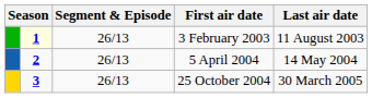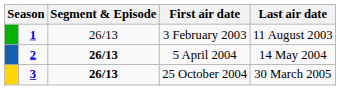 <table class="wikitable">
 <tr>
 <th colspan="2">Season</th>
 <th>Segment & Episode</th>
 <th>First air date</th>
 <th>Last air date</th>
 </tr>
 <tr>
 <td bgcolor="04B203" height="10px"></td>
-<td align="center" style="background: lightyellow;"><strong><a href='#'>1</a></strong></td>
+<td align="center"><strong><a href='#'>1</a></strong></td>
 <td align="center">26/13</td>
 <td align="center">3 February 2003</td>
 <td align="center">11 August 2003</td>
 </tr>
 <tr>
 <td bgcolor="1560AE" height="10px"></td>
 <td align="center"><strong><a href='#'>2</a></strong></td>
-<td align="center">26/13</td>
+<td align="center"><strong>26/13</strong></td>
 <td align="center">5 April 2004</td>
 <td align="center">14 May 2004</td>
 </tr>
 <tr>
 <td bgcolor="FFD700" height="10px"></td>
 <td align="center"><strong><a href='#'>3</a></strong></td>
-<td align="center">26/13</td>
+<td align="center"><strong>26/13</strong></td>
 <td align="center">25 October 2004</td>
 <td align="center">30 March 2005</td>
 </tr>
 </table>
